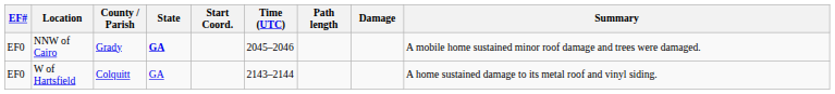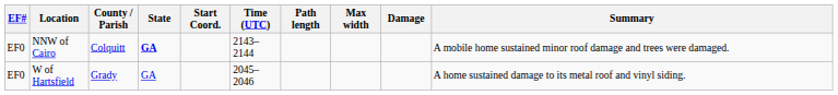 <table class="wikitable sortable" style="width:100%;">
 <tr>
 <th scope="col"  style="width:3%; text-align:center;"><a href='#'>EF#</a></th>
 <th scope="col"  style="width:7%; text-align:center;" class="unsortable">Location</th>
 <th scope="col"  style="width:6%; text-align:center;" class="unsortable">County / Parish</th>
 <th scope="col"  style="width:5%; text-align:center;">State</th>
 <th scope="col"  style="width:6%; text-align:center;">Start Coord.</th>
 <th scope="col"  style="width:6%; text-align:center;">Time (<a href='#'>UTC</a>)</th>
 <th scope="col"  style="width:6%; text-align:center;">Path length</th>
+<th scope="col"  style="width:6%; text-align:center;">Max width</th>
 <th scope="col"  style="width:6%; text-align:center;">Damage</th>
 <th scope="col" class="unsortable" style="width:48%; text-align:center;">Summary</th>
 </tr>
 <tr>
 <td>EF0</td>
 <td>NNW of <a href='#'>Cairo</a></td>
-<td><a href='#'>Grady</a></td>
+<td><a href='#'>Colquitt</a></td>
 <td><strong><a href='#'>GA</a></strong></td>
 <td></td>
-<td>2045–2046</td>
+<td>2143–2144</td>
+<td></td>
 <td></td>
 <td></td>
 <td>A mobile home sustained minor roof damage and trees were damaged.</td>
 </tr>
 <tr>
 <td>EF0</td>
 <td>W of <a href='#'>Hartsfield</a></td>
-<td><a href='#'>Colquitt</a></td>
+<td><a href='#'>Grady</a></td>
 <td><a href='#'>GA</a></td>
 <td></td>
-<td>2143–2144</td>
+<td>2045–2046</td>
+<td></td>
 <td></td>
 <td></td>
 <td>A home sustained damage to its metal roof and vinyl siding.</td>
 </tr>
 </table>
